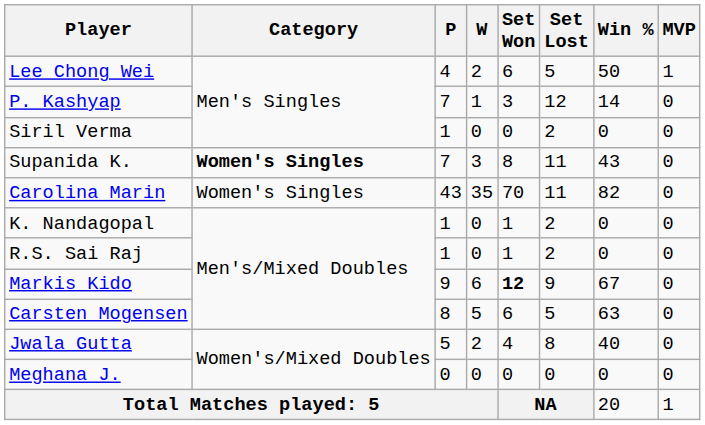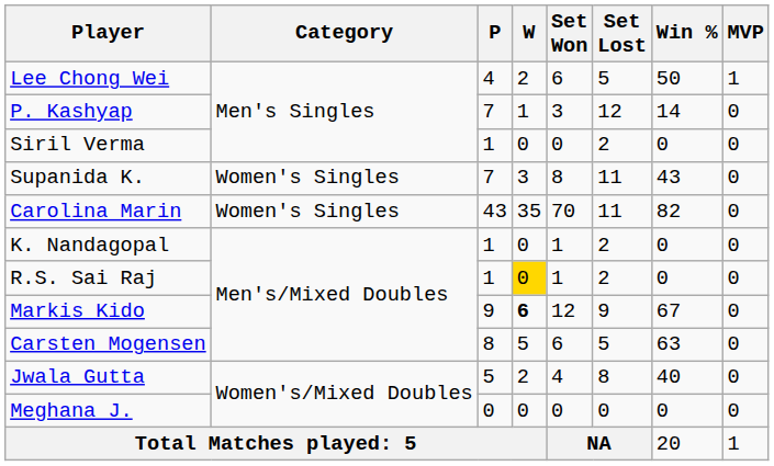 <table class="wikitable">
 <tr>
 <th>Player</th>
 <th>Category</th>
 <th>P</th>
 <th>W</th>
 <th>Set<br>Won</th>
 <th>Set<br>Lost</th>
 <th>Win %</th>
 <th>MVP</th>
 </tr>
 <tr>
 <td> <a href='#'>Lee Chong Wei</a></td>
 <td rowspan="3">Men's Singles</td>
 <td>4</td>
 <td>2</td>
 <td>6</td>
 <td>5</td>
 <td>50</td>
 <td>1</td>
 </tr>
 <tr>
 <td> <a href='#'>P. Kashyap</a></td>
 <td>7</td>
 <td>1</td>
 <td>3</td>
 <td>12</td>
 <td>14</td>
 <td>0</td>
 </tr>
 <tr>
 <td> Siril Verma</td>
 <td>1</td>
 <td>0</td>
 <td>0</td>
 <td>2</td>
 <td>0</td>
 <td>0</td>
 </tr>
 <tr>
 <td> Supanida K.</td>
-<td><strong>Women's Singles</strong></td>
+<td>Women's Singles</td>
 <td>7</td>
 <td>3</td>
 <td>8</td>
 <td>11</td>
 <td>43</td>
 <td>0</td>
 </tr>
 <tr>
 <td><a href='#'>Carolina Marin</a></td>
 <td>Women's Singles</td>
 <td>43</td>
 <td>35</td>
 <td>70</td>
 <td>11</td>
 <td>82</td>
 <td>0</td>
 </tr>
 <tr>
 <td> K. Nandagopal</td>
 <td rowspan="4">Men's/Mixed Doubles</td>
 <td>1</td>
 <td>0</td>
 <td>1</td>
 <td>2</td>
 <td>0</td>
 <td>0</td>
 </tr>
 <tr>
 <td> R.S. Sai Raj</td>
 <td>1</td>
-<td>0</td>
+<td style="background: gold;">0</td>
 <td>1</td>
 <td>2</td>
 <td>0</td>
 <td>0</td>
 </tr>
 <tr>
 <td> <a href='#'>Markis Kido</a></td>
 <td>9</td>
-<td>6</td>
-<td><strong>12</strong></td>
+<td><strong>6</strong></td>
+<td>12</td>
 <td>9</td>
 <td>67</td>
 <td>0</td>
 </tr>
 <tr>
 <td> <a href='#'>Carsten Mogensen</a></td>
 <td>8</td>
 <td>5</td>
 <td>6</td>
 <td>5</td>
 <td>63</td>
 <td>0</td>
 </tr>
 <tr>
 <td> <a href='#'>Jwala Gutta</a></td>
 <td rowspan="2">Women's/Mixed Doubles</td>
 <td>5</td>
 <td>2</td>
 <td>4</td>
 <td>8</td>
 <td>40</td>
 <td>0</td>
 </tr>
 <tr>
 <td> <a href='#'>Meghana J.</a></td>
 <td>0</td>
 <td>0</td>
 <td>0</td>
 <td>0</td>
 <td>0</td>
 <td>0</td>
 </tr>
 <tr>
 <th colspan="4">Total Matches played: 5</th>
 <th colspan="2">NA</th>
 <td>20</td>
 <td>1</td>
 </tr>
 </table>
